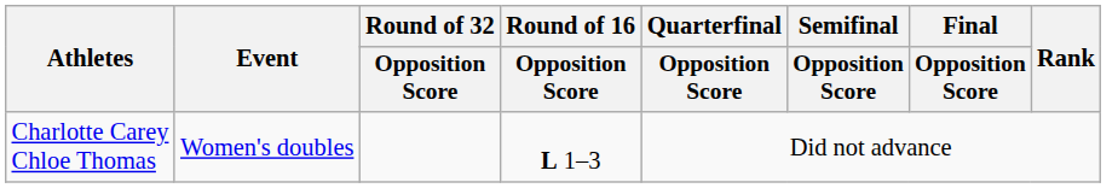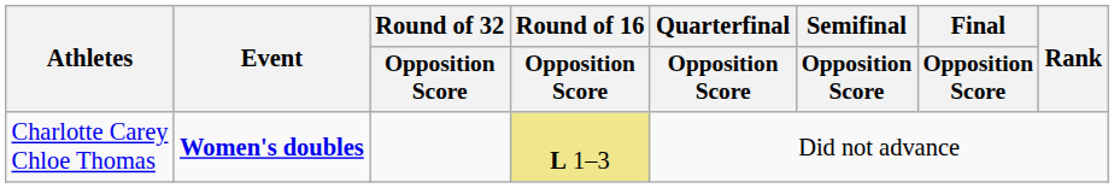 <table class="wikitable" style="font-size:90%">
 <tr>
 <th rowspan=2>Athletes</th>
 <th rowspan=2>Event</th>
 <th>Round of 32</th>
 <th>Round of 16</th>
 <th>Quarterfinal</th>
 <th>Semifinal</th>
 <th>Final</th>
 <th rowspan=2>Rank</th>
 </tr>
 <tr style="font-size:95%">
 <th>Opposition<br>Score</th>
 <th>Opposition<br>Score</th>
 <th>Opposition<br>Score</th>
 <th>Opposition<br>Score</th>
 <th>Opposition<br>Score</th>
 </tr>
 <tr align=center>
 <td align=left><a href='#'>Charlotte Carey</a><br><a href='#'>Chloe Thomas</a></td>
-<td align=left><a href='#'>Women's doubles</a></td>
+<td align=left><strong><a href='#'>Women's doubles</a></strong></td>
 <td></td>
-<td><br><strong>L</strong> 1–3</td>
+<td style="background: khaki;"><br><strong>L</strong> 1–3</td>
 <td colspan=4>Did not advance</td>
 </tr>
 </table>
